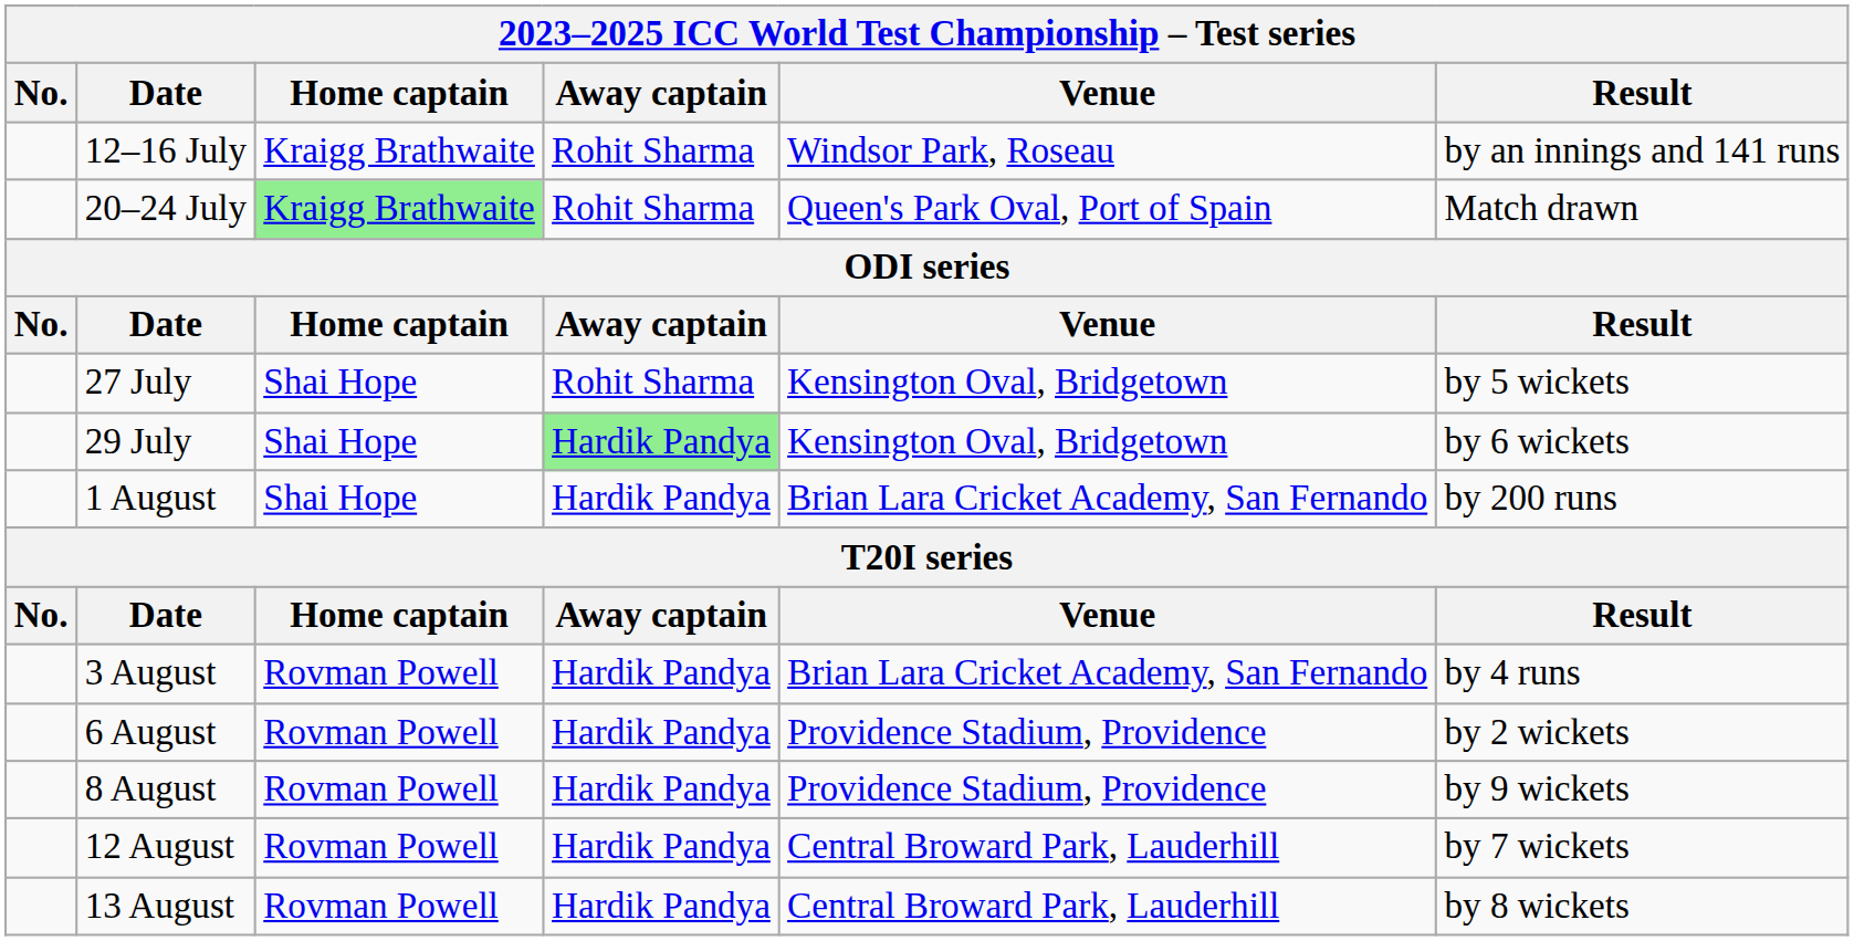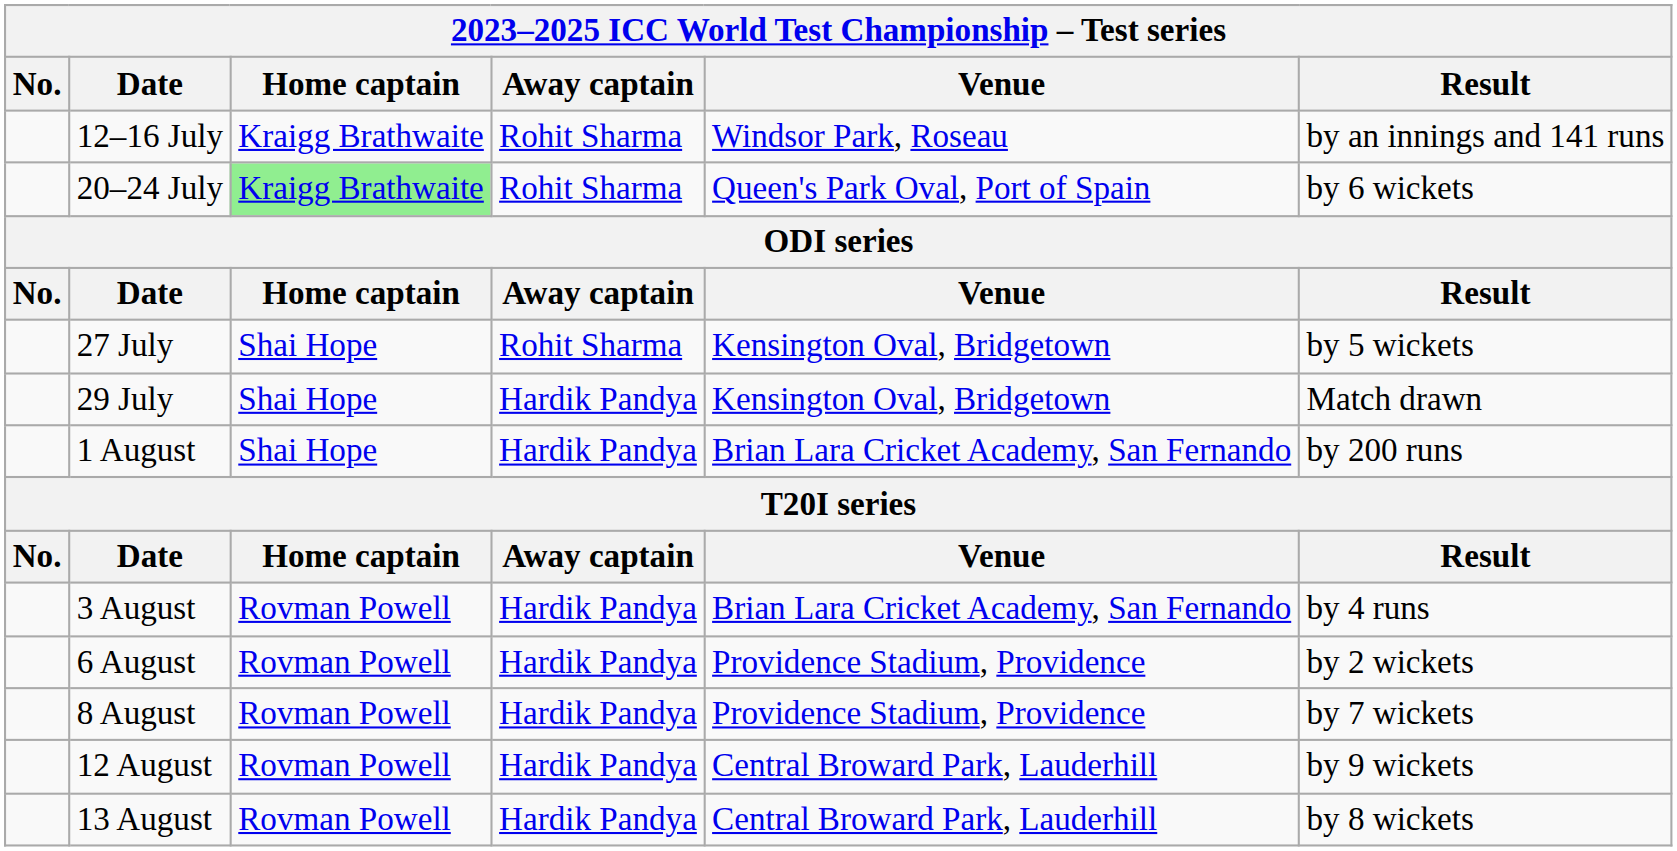 <table class="wikitable">
 <tr>
 <th colspan="9"><a href='#'>2023–2025 ICC World Test Championship</a> – Test series</th>
 </tr>
 <tr>
 <th>No.</th>
 <th>Date</th>
 <th>Home captain</th>
 <th>Away captain</th>
 <th>Venue</th>
 <th>Result</th>
 </tr>
 <tr>
 <td></td>
 <td>12–16 July</td>
 <td><a href='#'>Kraigg Brathwaite</a></td>
 <td><a href='#'>Rohit Sharma</a></td>
 <td><a href='#'>Windsor Park</a>, <a href='#'>Roseau</a></td>
 <td> by an innings and 141 runs</td>
 </tr>
 <tr>
 <td></td>
 <td>20–24 July</td>
 <td style="background: lightgreen;"><a href='#'>Kraigg Brathwaite</a></td>
 <td><a href='#'>Rohit Sharma</a></td>
 <td><a href='#'>Queen's Park Oval</a>, <a href='#'>Port of Spain</a></td>
-<td>Match drawn</td>
+<td> by 6 wickets</td>
 </tr>
 <tr>
 <th colspan="9">ODI series</th>
 </tr>
 <tr>
 <th>No.</th>
 <th>Date</th>
 <th>Home captain</th>
 <th>Away captain</th>
 <th>Venue</th>
 <th>Result</th>
 </tr>
 <tr>
 <td></td>
 <td>27 July</td>
 <td><a href='#'>Shai Hope</a></td>
 <td><a href='#'>Rohit Sharma</a></td>
 <td><a href='#'>Kensington Oval</a>, <a href='#'>Bridgetown</a></td>
 <td> by 5 wickets</td>
 </tr>
 <tr>
 <td></td>
 <td>29 July</td>
 <td><a href='#'>Shai Hope</a></td>
-<td style="background: lightgreen;"><a href='#'>Hardik Pandya</a></td>
+<td><a href='#'>Hardik Pandya</a></td>
 <td><a href='#'>Kensington Oval</a>, <a href='#'>Bridgetown</a></td>
-<td> by 6 wickets</td>
+<td>Match drawn</td>
 </tr>
 <tr>
 <td></td>
 <td>1 August</td>
 <td><a href='#'>Shai Hope</a></td>
 <td><a href='#'>Hardik Pandya</a></td>
 <td><a href='#'>Brian Lara Cricket Academy</a>, <a href='#'>San Fernando</a></td>
 <td> by 200 runs</td>
 </tr>
 <tr>
 <th colspan="9">T20I series</th>
 </tr>
 <tr>
 <th>No.</th>
 <th>Date</th>
 <th>Home captain</th>
 <th>Away captain</th>
 <th>Venue</th>
 <th>Result</th>
 </tr>
 <tr>
 <td></td>
 <td>3 August</td>
 <td><a href='#'>Rovman Powell</a></td>
 <td><a href='#'>Hardik Pandya</a></td>
 <td><a href='#'>Brian Lara Cricket Academy</a>, <a href='#'>San Fernando</a></td>
 <td> by 4 runs</td>
 </tr>
 <tr>
 <td></td>
 <td>6 August</td>
 <td><a href='#'>Rovman Powell</a></td>
 <td><a href='#'>Hardik Pandya</a></td>
 <td><a href='#'>Providence Stadium</a>, <a href='#'>Providence</a></td>
 <td> by 2 wickets</td>
 </tr>
 <tr>
 <td></td>
 <td>8 August</td>
 <td><a href='#'>Rovman Powell</a></td>
 <td><a href='#'>Hardik Pandya</a></td>
 <td><a href='#'>Providence Stadium</a>, <a href='#'>Providence</a></td>
-<td> by 9 wickets</td>
+<td> by 7 wickets</td>
 </tr>
 <tr>
 <td></td>
 <td>12 August</td>
 <td><a href='#'>Rovman Powell</a></td>
 <td><a href='#'>Hardik Pandya</a></td>
 <td><a href='#'>Central Broward Park</a>, <a href='#'>Lauderhill</a></td>
-<td> by 7 wickets</td>
+<td> by 9 wickets</td>
 </tr>
 <tr>
 <td></td>
 <td>13 August</td>
 <td><a href='#'>Rovman Powell</a></td>
 <td><a href='#'>Hardik Pandya</a></td>
 <td><a href='#'>Central Broward Park</a>, <a href='#'>Lauderhill</a></td>
 <td> by 8 wickets</td>
 </tr>
 </table>
